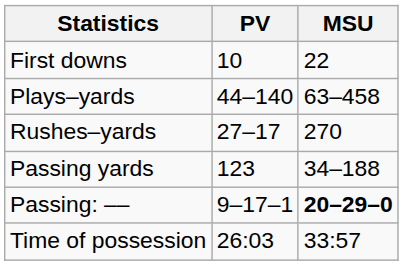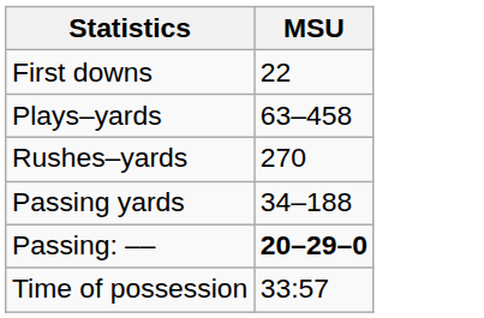 <table class="wikitable" style="float:left">
 <tr>
 <th>Statistics</th>
-<th>PV</th>
 <th>MSU</th>
 </tr>
 <tr>
 <td>First downs</td>
-<td>10</td>
 <td>22</td>
 </tr>
 <tr>
 <td>Plays–yards</td>
-<td>44–140</td>
 <td>63–458</td>
 </tr>
 <tr>
 <td>Rushes–yards</td>
-<td>27–17</td>
 <td>270</td>
 </tr>
 <tr>
 <td>Passing yards</td>
-<td>123</td>
 <td>34–188</td>
 </tr>
 <tr>
 <td>Passing: ––</td>
-<td>9–17–1</td>
 <td><strong>20–29–0</strong></td>
 </tr>
 <tr>
 <td>Time of possession</td>
-<td>26:03</td>
 <td>33:57</td>
 </tr>
 </table>
